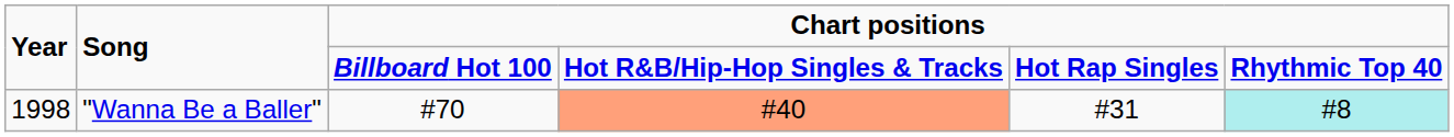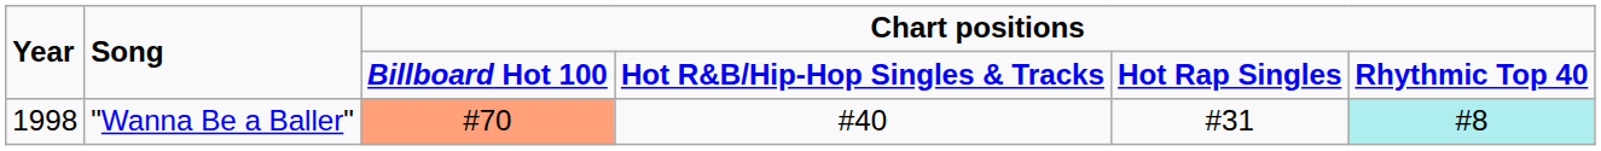 <table class="wikitable">
 <tr>
 <td rowspan="2"><strong>Year</strong></td>
 <td rowspan="2"><strong>Song</strong></td>
 <td colspan="4" style="text-align:center;"><strong>Chart positions</strong></td>
 </tr>
 <tr>
 <td><strong><a href='#'><em>Billboard</em> Hot 100</a></strong></td>
 <td><strong><a href='#'>Hot R&B/Hip-Hop Singles & Tracks</a></strong></td>
 <td><strong><a href='#'>Hot Rap Singles</a></strong></td>
 <td><strong><a href='#'>Rhythmic Top 40</a></strong></td>
 </tr>
 <tr>
 <td>1998</td>
 <td>"<a href='#'>Wanna Be a Baller</a>"</td>
-<td style="text-align:center;">#70</td>
-<td style="background: lightsalmon; text-align:center;">#40</td>
+<td style="background: lightsalmon; text-align:center;">#70</td>
+<td style="text-align:center;">#40</td>
 <td style="text-align:center;">#31</td>
 <td style="background: paleturquoise; text-align:center;">#8</td>
 </tr>
 </table>
